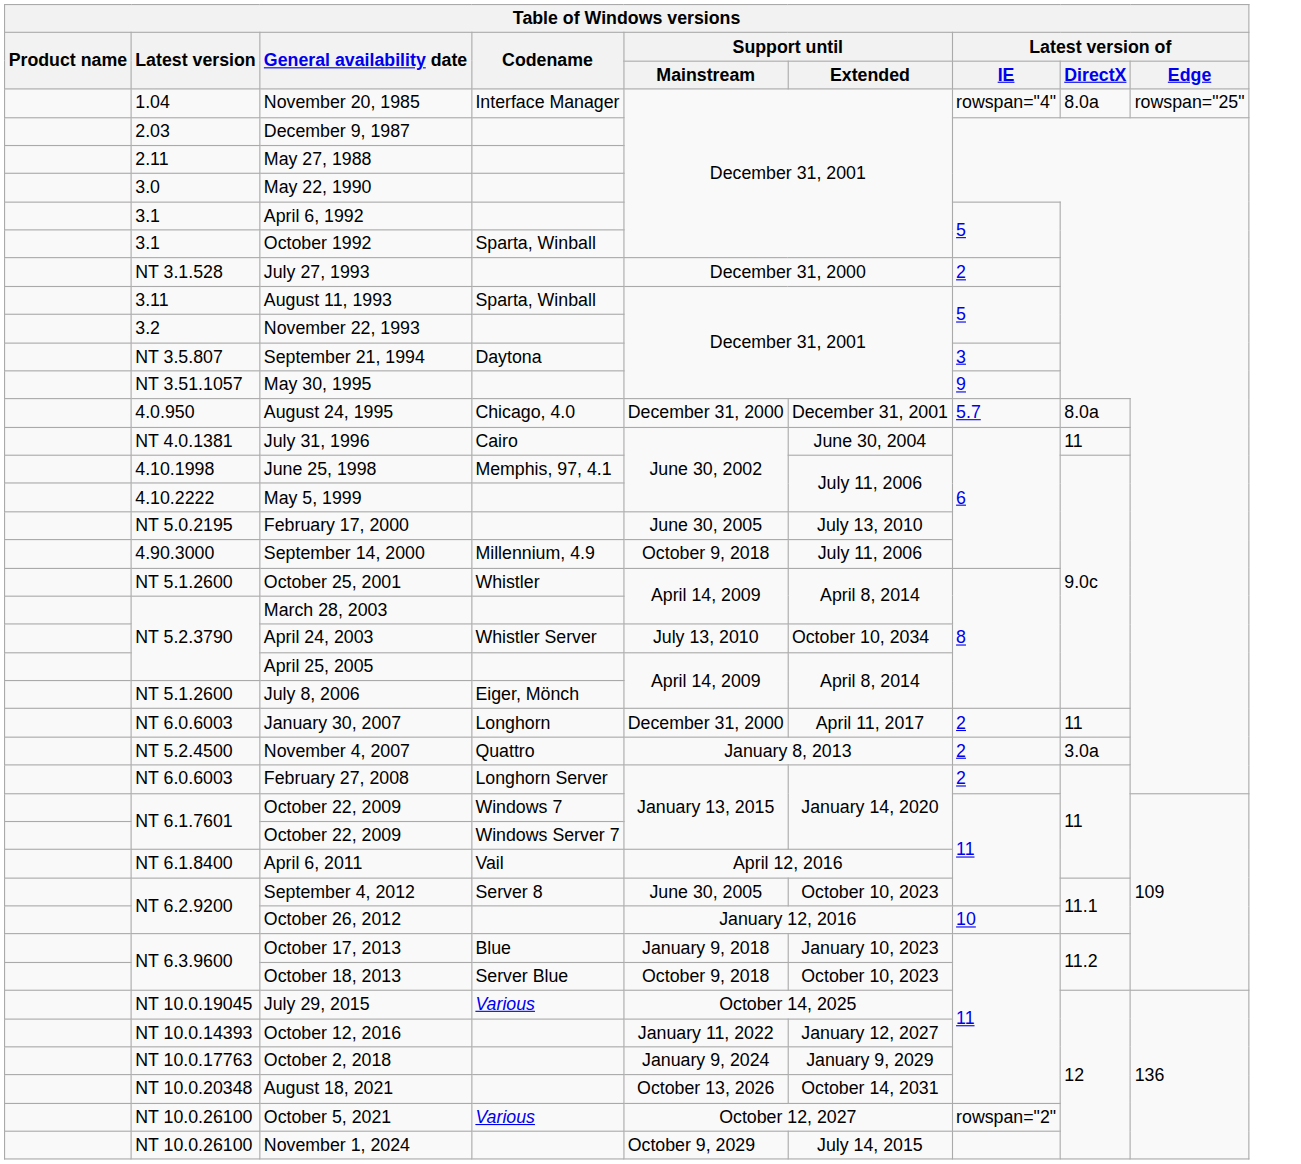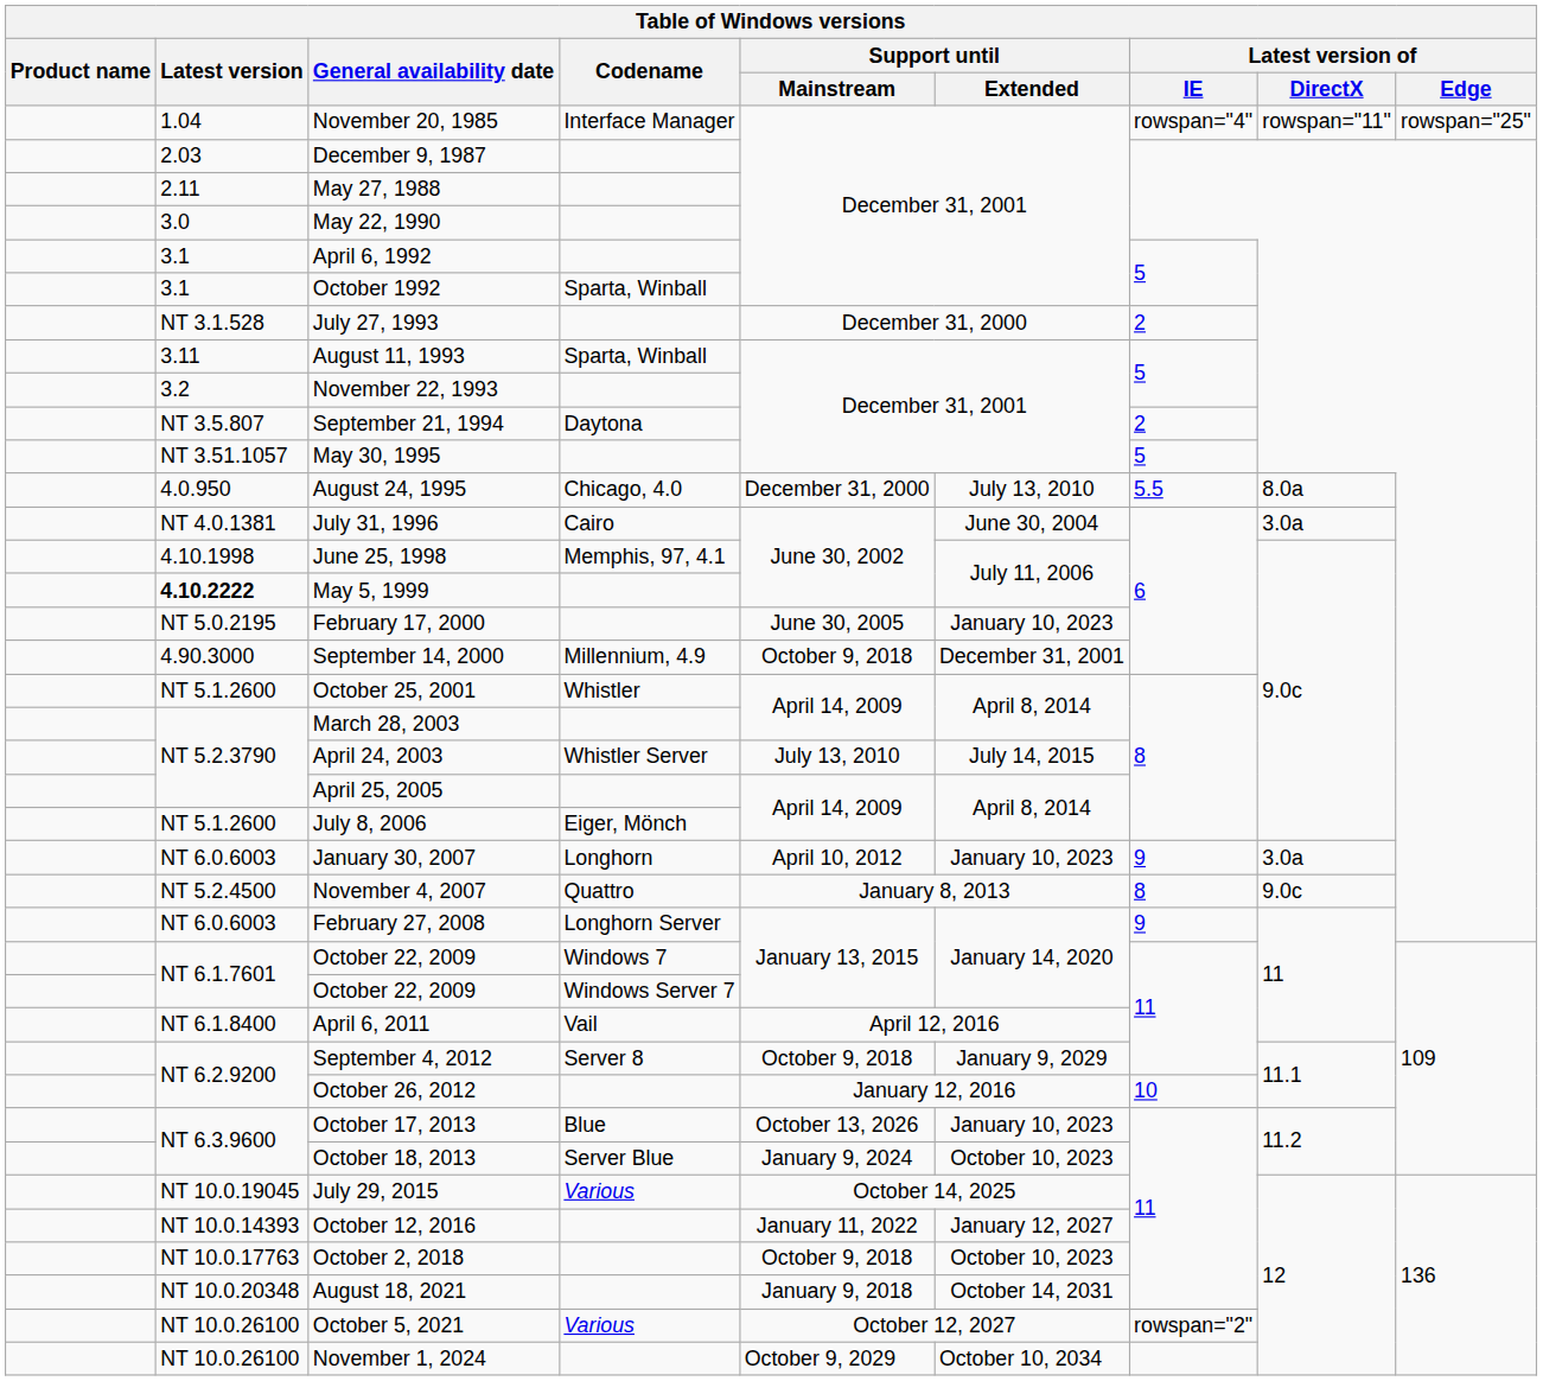 <table class="wikitable mw-datatable mw-collapsible mw-collapsed">
 <tr>
 <th colspan="9">Table of Windows versions</th>
 </tr>
 <tr>
 <th rowspan="2">Product name</th>
 <th rowspan="2">Latest version</th>
 <th rowspan="2"><a href='#'>General availability</a> date</th>
 <th rowspan="2">Codename</th>
 <th colspan="2">Support until</th>
 <th colspan="3">Latest version of</th>
 </tr>
 <tr>
 <th>Mainstream</th>
 <th>Extended</th>
 <th style="width:50px;"><a href='#'>IE</a></th>
 <th style="width:50px;"><a href='#'>DirectX</a></th>
 <th style="width:50px;"><a href='#'>Edge</a></th>
 </tr>
 <tr>
 <td></td>
 <td>1.04</td>
 <td>November 20, 1985</td>
 <td>Interface Manager</td>
 <td colspan="2" rowspan="6" align="center">December 31, 2001</td>
 <td>rowspan="4" </td>
-<td>8.0a</td>
+<td>rowspan="11" </td>
 <td>rowspan="25" </td>
 </tr>
 <tr>
 <td></td>
 <td>2.03</td>
 <td>December 9, 1987</td>
 <td></td>
 </tr>
 <tr>
 <td></td>
 <td>2.11</td>
 <td>May 27, 1988</td>
 <td></td>
 </tr>
 <tr>
 <td></td>
 <td>3.0</td>
 <td>May 22, 1990</td>
 <td></td>
 </tr>
 <tr>
 <td></td>
 <td>3.1</td>
 <td>April 6, 1992</td>
 <td></td>
 <td rowspan="2"><a href='#'>5</a></td>
 </tr>
 <tr>
 <td></td>
 <td>3.1</td>
 <td>October 1992</td>
 <td>Sparta, Winball</td>
 </tr>
 <tr>
 <td></td>
 <td>NT 3.1.528</td>
 <td>July 27, 1993</td>
 <td></td>
 <td colspan="2" align="center">December 31, 2000</td>
 <td><a href='#'>2</a></td>
 </tr>
 <tr>
 <td></td>
 <td>3.11</td>
 <td>August 11, 1993</td>
 <td>Sparta, Winball</td>
 <td colspan="2" rowspan="4" align="center">December 31, 2001</td>
 <td rowspan="2"><a href='#'>5</a></td>
 </tr>
 <tr>
 <td></td>
 <td>3.2</td>
 <td>November 22, 1993</td>
 <td></td>
 </tr>
 <tr>
 <td></td>
 <td>NT 3.5.807</td>
 <td>September 21, 1994</td>
 <td>Daytona</td>
-<td><a href='#'>3</a></td>
+<td><a href='#'>2</a></td>
 </tr>
 <tr>
 <td></td>
 <td>NT 3.51.1057</td>
 <td>May 30, 1995</td>
 <td></td>
-<td><a href='#'>9</a></td>
+<td><a href='#'>5</a></td>
 </tr>
 <tr>
 <td></td>
 <td>4.0.950</td>
 <td>August 24, 1995</td>
 <td>Chicago, 4.0</td>
 <td align="center">December 31, 2000</td>
-<td align="center">December 31, 2001</td>
-<td><a href='#'>5.7</a></td>
+<td align="center">July 13, 2010</td>
+<td><a href='#'>5.5</a></td>
 <td>8.0a</td>
 </tr>
 <tr>
 <td></td>
 <td>NT 4.0.1381</td>
 <td>July 31, 1996</td>
 <td>Cairo</td>
 <td align="center" rowspan="3">June 30, 2002</td>
 <td align="center">June 30, 2004</td>
 <td rowspan="5"><a href='#'>6</a></td>
-<td>11</td>
+<td>3.0a</td>
 </tr>
 <tr>
 <td></td>
 <td>4.10.1998</td>
 <td>June 25, 1998</td>
 <td>Memphis, 97, 4.1</td>
 <td align="center" rowspan="2">July 11, 2006</td>
 <td rowspan="9">9.0c</td>
 </tr>
 <tr>
 <td></td>
-<td>4.10.2222</td>
+<td><strong>4.10.2222</strong></td>
 <td>May 5, 1999</td>
 <td></td>
 </tr>
 <tr>
 <td></td>
 <td>NT 5.0.2195</td>
 <td>February 17, 2000</td>
 <td></td>
 <td align="center">June 30, 2005</td>
-<td align="center">July 13, 2010</td>
+<td align="center">January 10, 2023</td>
 </tr>
 <tr>
 <td></td>
 <td>4.90.3000</td>
 <td>September 14, 2000</td>
 <td>Millennium, 4.9</td>
 <td align="center">October 9, 2018</td>
-<td align="center">July 11, 2006</td>
+<td align="center">December 31, 2001</td>
 </tr>
 <tr>
 <td></td>
 <td>NT 5.1.2600</td>
 <td>October 25, 2001</td>
 <td>Whistler</td>
 <td align="center" rowspan="2">April 14, 2009</td>
 <td align="center" rowspan="2">April 8, 2014</td>
 <td rowspan="5"><a href='#'>8</a></td>
 </tr>
 <tr>
 <td></td>
 <td rowspan="3">NT 5.2.3790</td>
 <td>March 28, 2003</td>
 <td></td>
 </tr>
 <tr>
 <td></td>
 <td>April 24, 2003</td>
 <td>Whistler Server</td>
 <td align="center">July 13, 2010</td>
-<td>October 10, 2034</td>
+<td align="center">July 14, 2015</td>
 </tr>
 <tr>
 <td></td>
 <td>April 25, 2005</td>
 <td></td>
 <td align="center" rowspan="2">April 14, 2009</td>
 <td align="center" rowspan="2">April 8, 2014</td>
 </tr>
 <tr>
 <td></td>
 <td>NT 5.1.2600</td>
 <td>July 8, 2006</td>
 <td>Eiger, Mönch</td>
 </tr>
 <tr>
 <td></td>
 <td>NT 6.0.6003</td>
 <td>January 30, 2007</td>
 <td>Longhorn</td>
-<td align="center">December 31, 2000</td>
-<td align="center">April 11, 2017</td>
-<td><a href='#'>2</a></td>
-<td>11</td>
+<td align="center">April 10, 2012</td>
+<td align="center">January 10, 2023</td>
+<td><a href='#'>9</a></td>
+<td>3.0a</td>
 </tr>
 <tr>
 <td></td>
 <td>NT 5.2.4500</td>
 <td>November 4, 2007</td>
 <td>Quattro</td>
 <td colspan="2" align="center">January 8, 2013</td>
-<td><a href='#'>2</a></td>
-<td>3.0a</td>
+<td><a href='#'>8</a></td>
+<td>9.0c</td>
 </tr>
 <tr>
 <td></td>
 <td>NT 6.0.6003</td>
 <td>February 27, 2008</td>
 <td>Longhorn Server</td>
 <td align="center" rowspan="3">January 13, 2015</td>
 <td align="center" rowspan="3">January 14, 2020</td>
-<td><a href='#'>2</a></td>
+<td><a href='#'>9</a></td>
 <td rowspan="4">11</td>
 </tr>
 <tr>
 <td></td>
 <td rowspan="2">NT 6.1.7601</td>
 <td>October 22, 2009</td>
 <td>Windows 7</td>
 <td rowspan="4"><a href='#'>11</a></td>
 <td rowspan="7">109</td>
 </tr>
 <tr>
 <td></td>
 <td>October 22, 2009</td>
 <td>Windows Server 7</td>
 </tr>
 <tr>
 <td></td>
 <td>NT 6.1.8400</td>
 <td>April 6, 2011</td>
 <td>Vail</td>
 <td colspan="2" align="center">April 12, 2016</td>
 </tr>
 <tr>
 <td></td>
 <td rowspan="2">NT 6.2.9200</td>
 <td>September 4, 2012</td>
 <td>Server 8</td>
-<td align="center">June 30, 2005</td>
-<td align="center">October 10, 2023</td>
+<td align="center">October 9, 2018</td>
+<td align="center">January 9, 2029</td>
 <td rowspan="2">11.1</td>
 </tr>
 <tr>
 <td></td>
 <td>October 26, 2012</td>
 <td></td>
 <td colspan="2" align="center">January 12, 2016</td>
 <td><a href='#'>10</a></td>
 </tr>
 <tr>
 <td></td>
 <td rowspan="2">NT 6.3.9600</td>
 <td>October 17, 2013</td>
 <td>Blue</td>
-<td align="center">January 9, 2018</td>
+<td align="center">October 13, 2026</td>
 <td align="center">January 10, 2023</td>
 <td rowspan="6"><a href='#'>11</a></td>
 <td rowspan="2">11.2</td>
 </tr>
 <tr>
 <td></td>
 <td>October 18, 2013</td>
 <td>Server Blue</td>
-<td align="center">October 9, 2018</td>
+<td align="center">January 9, 2024</td>
 <td align="center">October 10, 2023</td>
 </tr>
 <tr>
 <td></td>
 <td>NT 10.0.19045</td>
 <td>July 29, 2015</td>
 <td><em><a href='#'>Various</a></em></td>
 <td colspan="2" align="center">October 14, 2025</td>
 <td rowspan="6">12</td>
 <td rowspan="6">136</td>
 </tr>
 <tr>
 <td></td>
 <td>NT 10.0.14393</td>
 <td>October 12, 2016</td>
 <td></td>
 <td align="center">January 11, 2022</td>
 <td align="center">January 12, 2027</td>
 </tr>
 <tr>
 <td></td>
 <td>NT 10.0.17763</td>
 <td>October 2, 2018</td>
 <td></td>
-<td align="center">January 9, 2024</td>
-<td align="center">January 9, 2029</td>
+<td align="center">October 9, 2018</td>
+<td align="center">October 10, 2023</td>
 </tr>
 <tr>
 <td></td>
 <td>NT 10.0.20348</td>
 <td>August 18, 2021</td>
 <td></td>
-<td align="center">October 13, 2026</td>
+<td align="center">January 9, 2018</td>
 <td align="center">October 14, 2031</td>
 </tr>
 <tr>
 <td></td>
 <td>NT 10.0.26100</td>
 <td>October 5, 2021</td>
 <td><em><a href='#'>Various</a></em></td>
 <td align="center" colspan="2">October 12, 2027</td>
 <td>rowspan="2" </td>
 </tr>
 <tr>
 <td></td>
 <td>NT 10.0.26100</td>
 <td>November 1, 2024</td>
 <td></td>
 <td>October 9, 2029</td>
-<td align="center">July 14, 2015</td>
+<td>October 10, 2034</td>
 </tr>
 </table>
